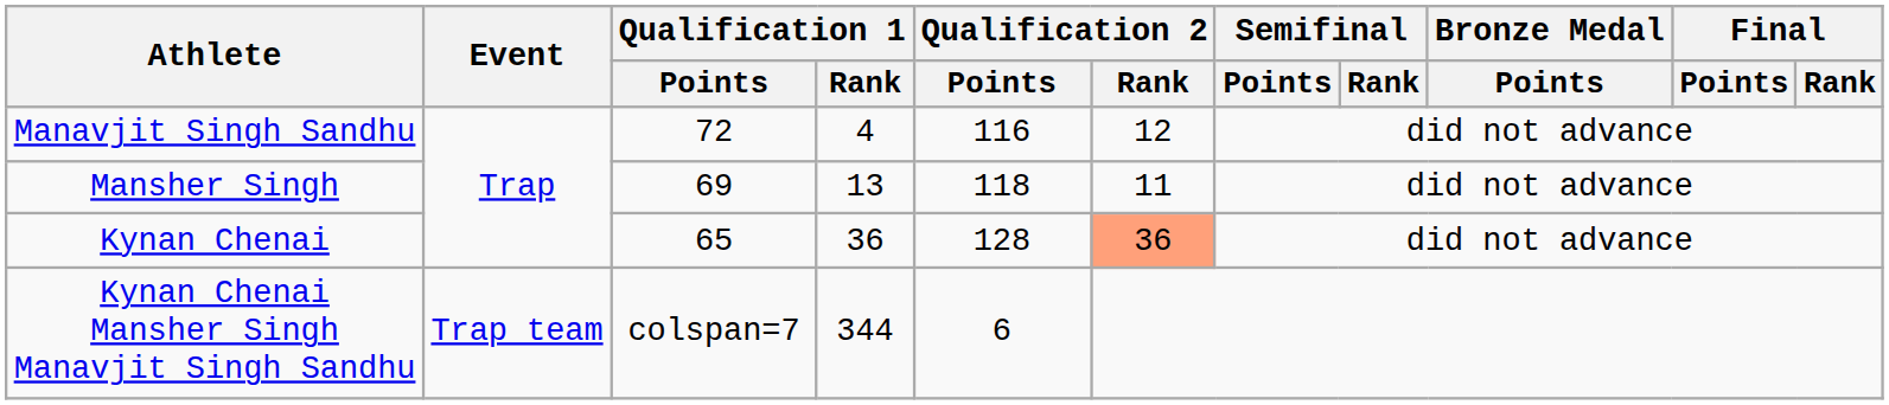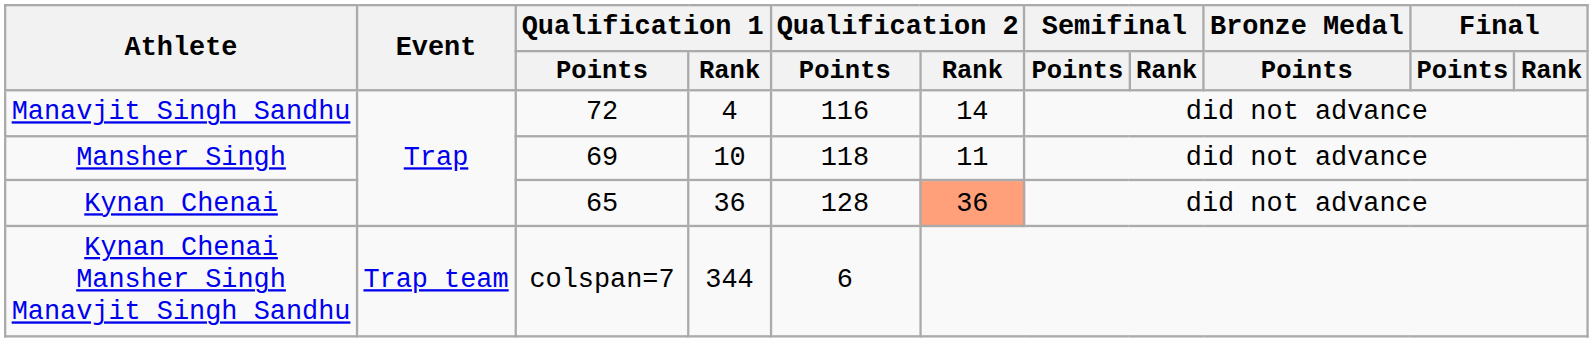 <table class=wikitable style="text-align:center; font-size:90%">
 <tr>
 <th rowspan=2>Athlete</th>
 <th rowspan=2>Event</th>
 <th colspan=2>Qualification 1</th>
 <th colspan=2>Qualification 2</th>
 <th colspan=2>Semifinal</th>
 <th colspan=1>Bronze Medal</th>
 <th colspan=2>Final</th>
 </tr>
 <tr style="font-size:95%">
 <th>Points</th>
 <th>Rank</th>
 <th>Points</th>
 <th>Rank</th>
 <th>Points</th>
 <th>Rank</th>
 <th>Points</th>
 <th>Points</th>
 <th>Rank</th>
 </tr>
 <tr>
 <td><a href='#'>Manavjit Singh Sandhu</a></td>
 <td rowspan=3><a href='#'>Trap</a></td>
 <td style="text-align:center;">72</td>
 <td style="text-align:center;">4</td>
 <td style="text-align:center;">116</td>
-<td style="text-align:center;">12</td>
+<td style="text-align:center;">14</td>
 <td style="text-align:center;" colspan=5>did not advance</td>
 </tr>
 <tr>
 <td><a href='#'>Mansher Singh</a></td>
 <td style="text-align:center;">69</td>
-<td style="text-align:center;">13</td>
+<td style="text-align:center;">10</td>
 <td style="text-align:center;">118</td>
 <td style="text-align:center;">11</td>
 <td style="text-align:center;" colspan=5>did not advance</td>
 </tr>
 <tr>
 <td><a href='#'>Kynan Chenai</a></td>
 <td style="text-align:center;">65</td>
 <td style="text-align:center;">36</td>
 <td style="text-align:center;">128</td>
 <td style="background: lightsalmon; text-align:center;">36</td>
 <td style="text-align:center;" colspan=5>did not advance</td>
 </tr>
 <tr>
 <td><a href='#'>Kynan Chenai</a><br><a href='#'>Mansher Singh</a><br><a href='#'>Manavjit Singh Sandhu</a></td>
 <td><a href='#'>Trap team</a></td>
 <td>colspan=7 </td>
 <td>344</td>
 <td>6</td>
 </tr>
 </table>
